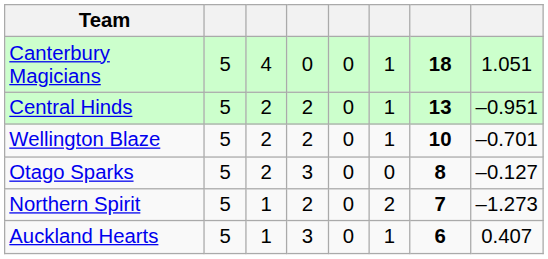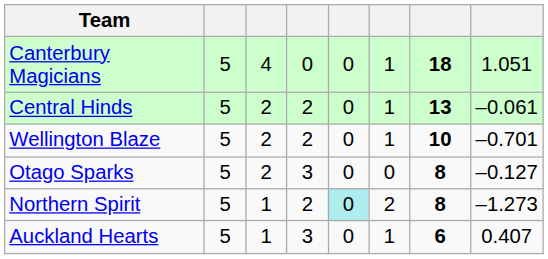 <table class="wikitable" style="text-align:center">
 <tr>
 <th width="150">Team</th>
 <th width="25"></th>
 <th width="25"></th>
 <th width="25"></th>
 <th width="25"></th>
 <th width="25"></th>
 <th width="40"></th>
 <th width="50"></th>
 </tr>
 <tr style="background:#cfc">
 <td style="text-align:left"><a href='#'>Canterbury Magicians</a></td>
 <td>5</td>
 <td>4</td>
 <td>0</td>
 <td>0</td>
 <td>1</td>
 <td><strong>18</strong></td>
 <td>1.051</td>
 </tr>
 <tr style="background:#cfc">
 <td style="text-align:left"><a href='#'>Central Hinds</a></td>
 <td>5</td>
 <td>2</td>
 <td>2</td>
 <td>0</td>
 <td>1</td>
 <td><strong>13</strong></td>
-<td>–0.951</td>
+<td>–0.061</td>
 </tr>
 <tr>
 <td style="text-align:left"><a href='#'>Wellington Blaze</a></td>
 <td>5</td>
 <td>2</td>
 <td>2</td>
 <td>0</td>
 <td>1</td>
 <td><strong>10</strong></td>
 <td>–0.701</td>
 </tr>
 <tr>
 <td style="text-align:left"><a href='#'>Otago Sparks</a></td>
 <td>5</td>
 <td>2</td>
 <td>3</td>
 <td>0</td>
 <td>0</td>
 <td><strong>8</strong></td>
 <td>–0.127</td>
 </tr>
 <tr>
 <td style="text-align:left"><a href='#'>Northern Spirit</a></td>
 <td>5</td>
 <td>1</td>
 <td>2</td>
-<td>0</td>
+<td style="background: paleturquoise;">0</td>
 <td>2</td>
-<td><strong>7</strong></td>
+<td><strong>8</strong></td>
 <td>–1.273</td>
 </tr>
 <tr>
 <td style="text-align:left"><a href='#'>Auckland Hearts</a></td>
 <td>5</td>
 <td>1</td>
 <td>3</td>
 <td>0</td>
 <td>1</td>
 <td><strong>6</strong></td>
 <td>0.407</td>
 </tr>
 </table>
